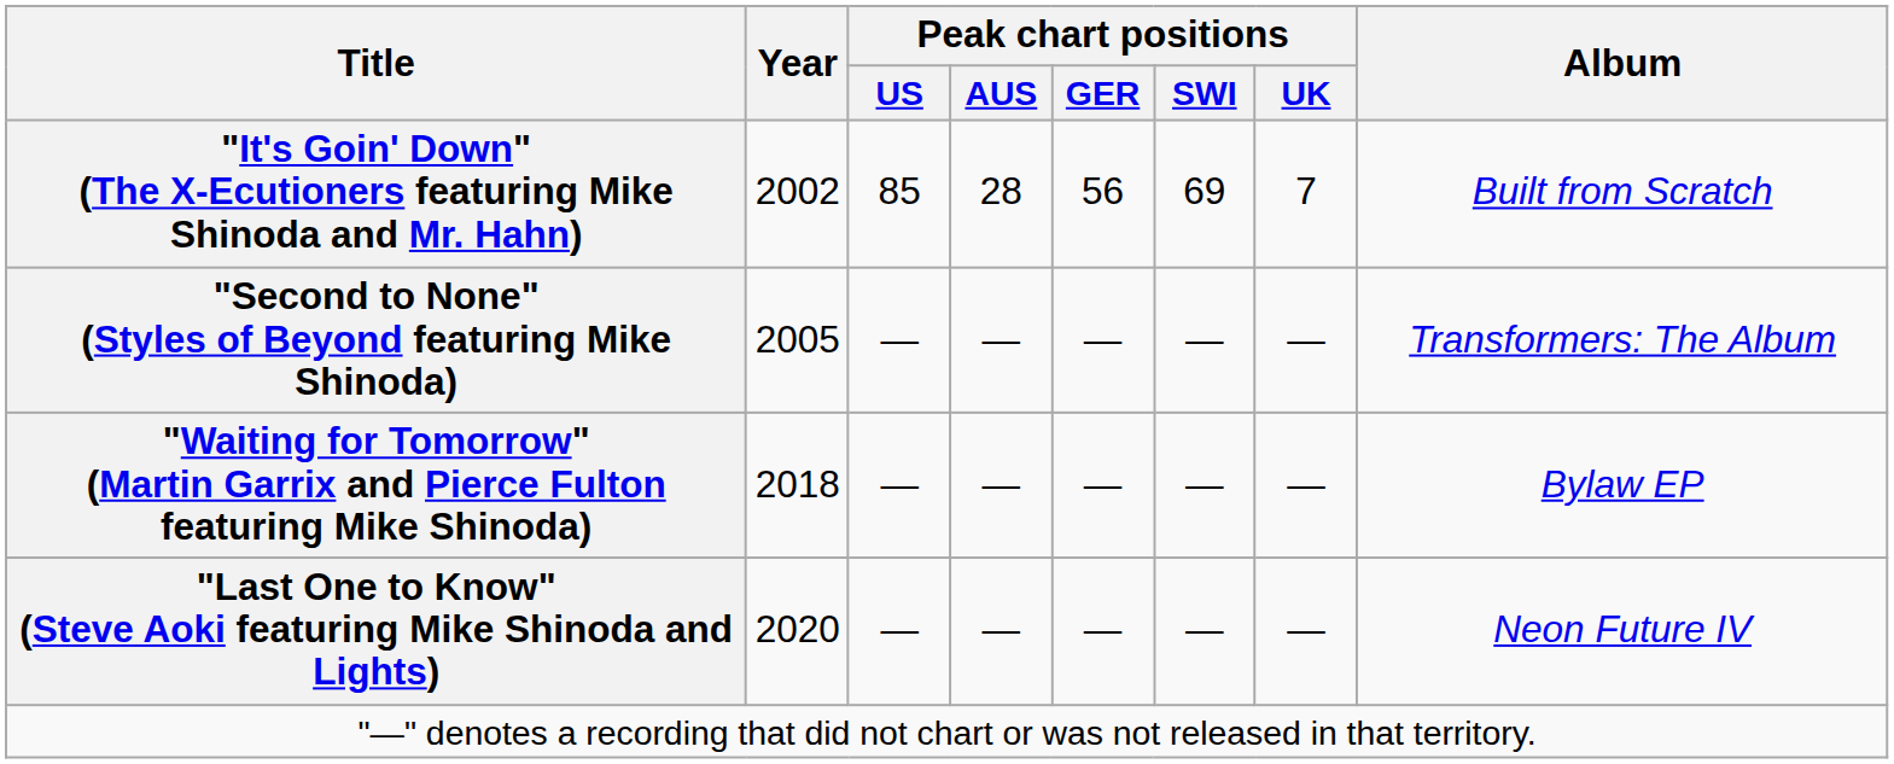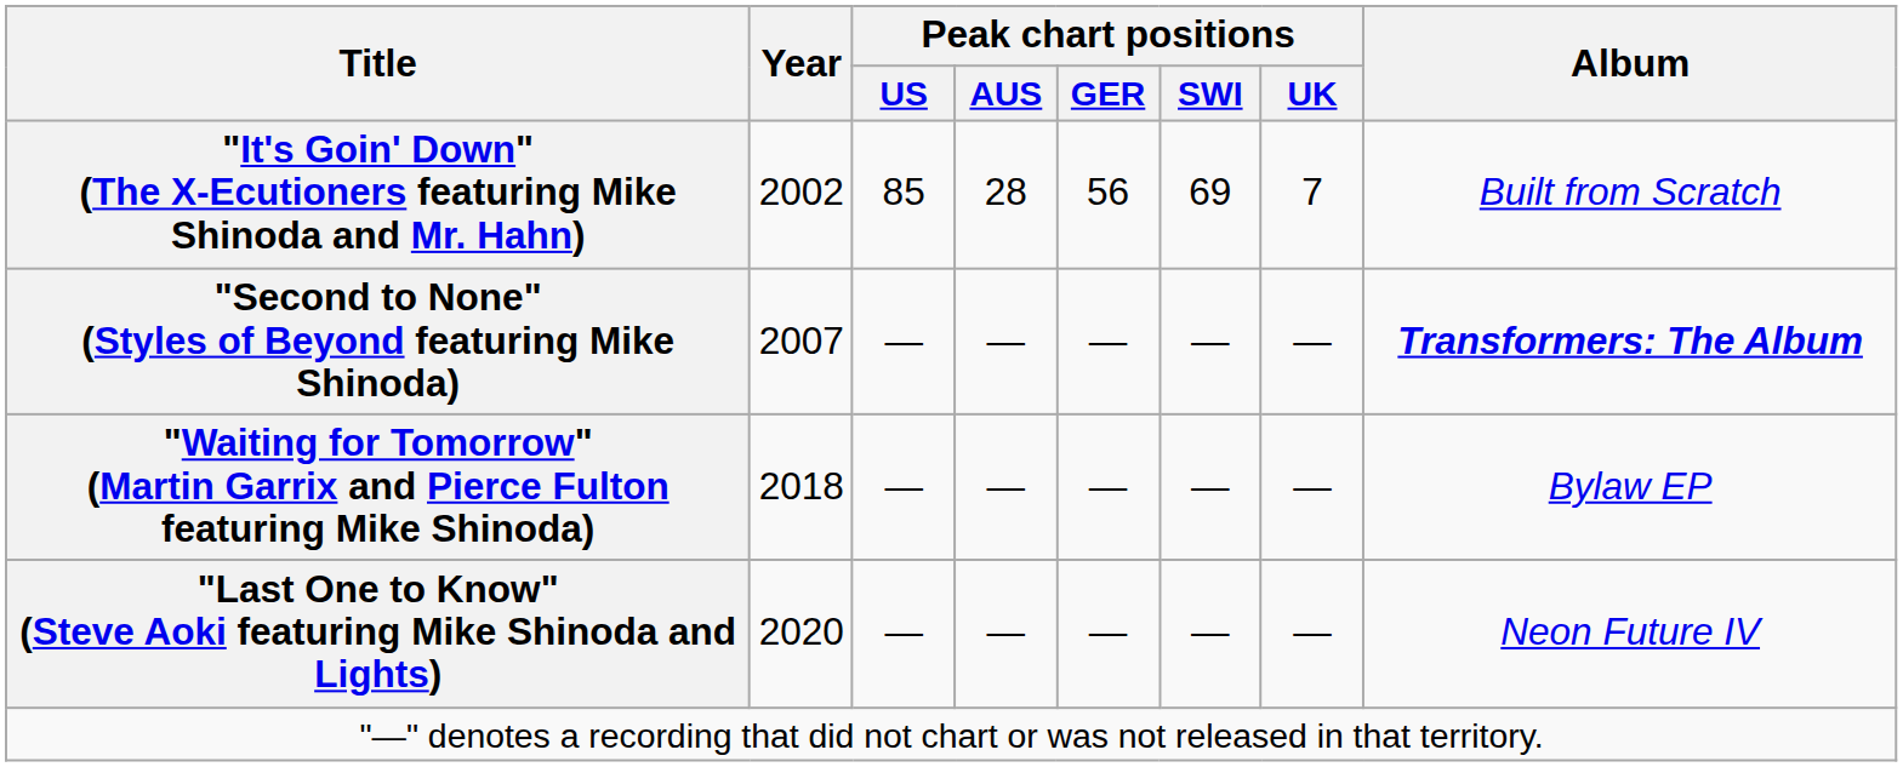 <table class="wikitable plainrowheaders" style="text-align:center;">
 <tr>
 <th scope="col" rowspan="2" style="width:19em;">Title</th>
 <th scope="col" rowspan="2">Year</th>
 <th scope="col" colspan="5">Peak chart positions</th>
 <th scope="col" rowspan="2" style="width:13.5em;">Album</th>
 </tr>
 <tr>
 <th scope="col" style="width:2.5em;font-size:90%;"><a href='#'>US</a><br></th>
 <th scope="col" style="width:2.5em;font-size:90%;"><a href='#'>AUS</a><br></th>
 <th scope="col" style="width:2.5em;font-size:90%;"><a href='#'>GER</a><br></th>
 <th scope="col" style="width:2.5em;font-size:90%;"><a href='#'>SWI</a><br></th>
 <th scope="col" style="width:2.5em;font-size:90%;"><a href='#'>UK</a><br></th>
 </tr>
 <tr>
 <th scope="row">"<a href='#'>It's Goin' Down</a>"<br><span>(<a href='#'>The X-Ecutioners</a> featuring Mike Shinoda and <a href='#'>Mr. Hahn</a>)</span></th>
 <td>2002</td>
 <td>85</td>
 <td>28</td>
 <td>56</td>
 <td>69</td>
 <td>7</td>
 <td><em><a href='#'>Built from Scratch</a></em></td>
 </tr>
 <tr>
 <th scope="row">"Second to None"<br><span>(<a href='#'>Styles of Beyond</a> featuring Mike Shinoda)</span></th>
-<td>2005</td>
+<td>2007</td>
 <td>—</td>
 <td>—</td>
 <td>—</td>
 <td>—</td>
 <td>—</td>
-<td><em><a href='#'>Transformers: The Album</a></em></td>
+<td><strong><em><a href='#'>Transformers: The Album</a></em></strong></td>
 </tr>
 <tr>
 <th scope="row">"<a href='#'>Waiting for Tomorrow</a>"<br><span>(<a href='#'>Martin Garrix</a> and <a href='#'>Pierce Fulton</a> featuring Mike Shinoda)</span></th>
 <td>2018</td>
 <td>—</td>
 <td>—</td>
 <td>—</td>
 <td>—</td>
 <td>—</td>
 <td><em><a href='#'>Bylaw EP</a></em></td>
 </tr>
 <tr>
 <th scope="row">"Last One to Know"<br><span>(<a href='#'>Steve Aoki</a> featuring Mike Shinoda and <a href='#'>Lights</a>)</span></th>
 <td>2020</td>
 <td>—</td>
 <td>—</td>
 <td>—</td>
 <td>—</td>
 <td>—</td>
 <td><em><a href='#'>Neon Future IV</a></em></td>
 </tr>
 <tr>
 <td colspan="13" style="font-size:90%">"—" denotes a recording that did not chart or was not released in that territory.</td>
 </tr>
 </table>
